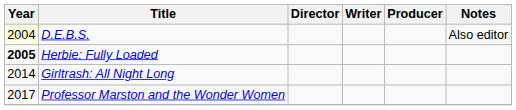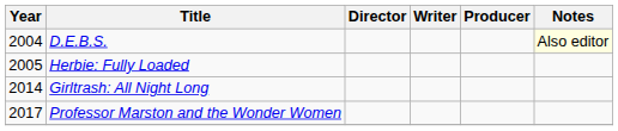 <table class="wikitable">
 <tr>
 <th>Year</th>
 <th>Title</th>
 <th>Director</th>
 <th>Writer</th>
 <th>Producer</th>
 <th>Notes</th>
 </tr>
 <tr>
-<td style="background: lightyellow;">2004</td>
+<td>2004</td>
 <td><em><a href='#'>D.E.B.S.</a></em></td>
 <td></td>
 <td></td>
 <td></td>
-<td>Also editor</td>
+<td style="background: lightyellow;">Also editor</td>
 </tr>
 <tr>
-<td><strong>2005</strong></td>
+<td>2005</td>
 <td><em><a href='#'>Herbie: Fully Loaded</a></em></td>
 <td></td>
 <td></td>
 <td></td>
 <td></td>
 </tr>
 <tr>
 <td>2014</td>
 <td><em><a href='#'>Girltrash: All Night Long</a></em></td>
 <td></td>
 <td></td>
 <td></td>
 <td></td>
 </tr>
 <tr>
 <td>2017</td>
 <td><em><a href='#'>Professor Marston and the Wonder Women</a></em></td>
 <td></td>
 <td></td>
 <td></td>
 <td></td>
 </tr>
 <tr>
 </tr>
 </table>
